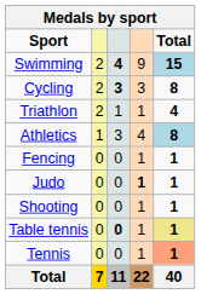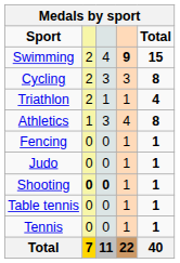 <table class="wikitable" style="font-size:95%">
 <tr style="background:#efefef;">
 <th colspan=5>Medals by sport</th>
 </tr>
 <tr style="text-align:center;">
 <td><strong>Sport</strong></td>
 <td bgcolor=#f7f6a8></td>
 <td bgcolor=#dce5e5></td>
 <td bgcolor=#ffdab9></td>
 <td><strong>Total</strong></td>
 </tr>
 <tr style="text-align:center;">
 <td><a href='#'>Swimming</a></td>
 <td style="background:#F7F6A8;">2</td>
-<td style="background:#DCE5E5;"><strong>4</strong></td>
-<td style="background:#FFDAB9;">9</td>
-<td style="background: lightblue;"><strong>15</strong></td>
+<td style="background:#DCE5E5;">4</td>
+<td style="background:#FFDAB9;"><strong>9</strong></td>
+<td><strong>15</strong></td>
 </tr>
 <tr style="text-align:center;">
 <td><a href='#'>Cycling</a></td>
 <td style="background:#F7F6A8;">2</td>
-<td style="background:#DCE5E5;"><strong>3</strong></td>
+<td style="background:#DCE5E5;">3</td>
 <td style="background:#FFDAB9;">3</td>
 <td><strong>8</strong></td>
 </tr>
 <tr style="text-align:center;">
 <td><a href='#'>Triathlon</a></td>
 <td style="background:#F7F6A8;">2</td>
 <td style="background:#DCE5E5;">1</td>
 <td style="background:#FFDAB9;">1</td>
 <td><strong>4</strong></td>
 </tr>
 <tr style="text-align:center;">
 <td><a href='#'>Athletics</a></td>
 <td style="background:#F7F6A8;">1</td>
 <td style="background:#DCE5E5;">3</td>
 <td style="background:#FFDAB9;">4</td>
-<td style="background: lightblue;"><strong>8</strong></td>
+<td><strong>8</strong></td>
 </tr>
 <tr style="text-align:center;">
 <td><a href='#'>Fencing</a></td>
 <td style="background:#F7F6A8;">0</td>
 <td style="background:#DCE5E5;">0</td>
 <td style="background:#FFDAB9;">1</td>
 <td><strong>1</strong></td>
 </tr>
 <tr style="text-align:center;">
 <td><a href='#'>Judo</a></td>
 <td style="background:#F7F6A8;">0</td>
 <td style="background:#DCE5E5;">0</td>
-<td style="background:#FFDAB9;"><strong>1</strong></td>
+<td style="background:#FFDAB9;">1</td>
 <td><strong>1</strong></td>
 </tr>
 <tr style="text-align:center;">
 <td><a href='#'>Shooting</a></td>
+<td style="background:#F7F6A8;"><strong>0</strong></td>
+<td style="background:#DCE5E5;"><strong>0</strong></td>
+<td style="background:#FFDAB9;">1</td>
+<td><strong>1</strong></td>
+</tr>
+<tr style="text-align:center;">
+<td><a href='#'>Table tennis</a></td>
 <td style="background:#F7F6A8;">0</td>
 <td style="background:#DCE5E5;">0</td>
 <td style="background:#FFDAB9;">1</td>
 <td><strong>1</strong></td>
 </tr>
 <tr style="text-align:center;">
-<td><a href='#'>Table tennis</a></td>
-<td style="background:#F7F6A8;">0</td>
-<td style="background:#DCE5E5;"><strong>0</strong></td>
-<td style="background:#FFDAB9;">1</td>
-<td style="background: khaki;"><strong>1</strong></td>
-</tr>
-<tr style="text-align:center;">
 <td><a href='#'>Tennis</a></td>
 <td style="background:#F7F6A8;">0</td>
 <td style="background:#DCE5E5;">0</td>
 <td style="background:#FFDAB9;">1</td>
-<td style="background: lightsalmon;"><strong>1</strong></td>
+<td><strong>1</strong></td>
 </tr>
 <tr>
 <th>Total</th>
 <th style="background:gold;">7</th>
 <th style="background:silver;">11</th>
 <th style="background:#c96;">22</th>
 <th>40</th>
 </tr>
 </table>
